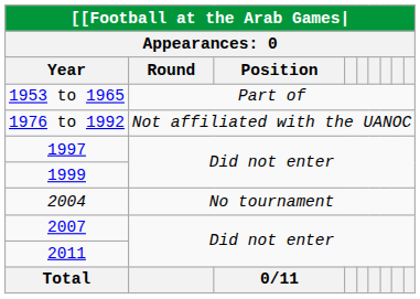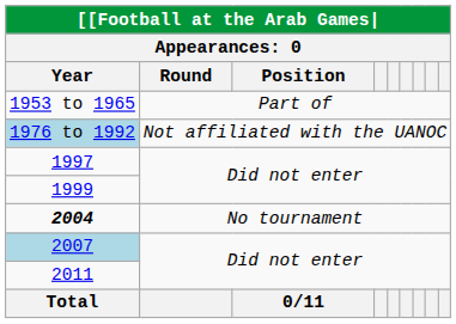 <table class="wikitable" style="text-align: center;">
 <tr>
 <th colspan=9 style="background:#009639; color:white; ">[[Football at the Arab Games|</th>
 </tr>
 <tr>
 <th colspan=9>Appearances: 0</th>
 </tr>
 <tr>
 <th>Year</th>
 <th>Round</th>
 <th>Position</th>
 <th></th>
 <th></th>
 <th></th>
 <th></th>
 <th></th>
 <th></th>
 </tr>
 <tr>
 <td> <a href='#'>1953</a> to  <a href='#'>1965</a></td>
 <td colspan=8><em>Part of </em></td>
 </tr>
 <tr>
-<td> <a href='#'>1976</a> to  <a href='#'>1992</a></td>
+<td style="background: lightblue;"> <a href='#'>1976</a> to  <a href='#'>1992</a></td>
 <td colspan=8><em>Not affiliated with the UANOC</em></td>
 </tr>
 <tr>
 <td> <a href='#'>1997</a></td>
 <td colspan=8 rowspan=2><em>Did not enter</em></td>
 </tr>
 <tr>
 <td> <a href='#'>1999</a></td>
 </tr>
 <tr>
-<td> <em>2004</em></td>
+<td><strong> <em>2004</em></strong></td>
 <td colspan=8><em>No tournament</em></td>
 </tr>
 <tr>
-<td> <a href='#'>2007</a></td>
+<td style="background: lightblue;"> <a href='#'>2007</a></td>
 <td colspan=8 rowspan=2><em>Did not enter</em></td>
 </tr>
 <tr>
 <td> <a href='#'>2011</a></td>
 </tr>
 <tr>
 <th>Total</th>
 <th></th>
 <th>0/11</th>
 <th></th>
 <th></th>
 <th></th>
 <th></th>
 <th></th>
 <th></th>
 </tr>
 </table>
